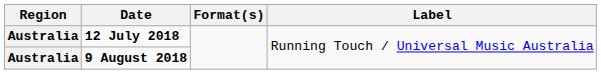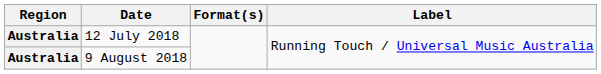 <table class="wikitable plainrowheaders">
 <tr>
 <th scope="col">Region</th>
 <th scope="col">Date</th>
 <th scope="col">Format(s)</th>
 <th scope="col">Label</th>
 </tr>
 <tr>
 <th scope="row">Australia</th>
-<td><strong>12 July 2018</strong></td>
+<td>12 July 2018</td>
 <td rowspan="2"></td>
 <td rowspan="2">Running Touch / <a href='#'>Universal Music Australia</a></td>
 </tr>
 <tr>
 <th scope="row">Australia</th>
-<td><strong>9 August 2018</strong></td>
+<td>9 August 2018</td>
 </tr>
 </table>
